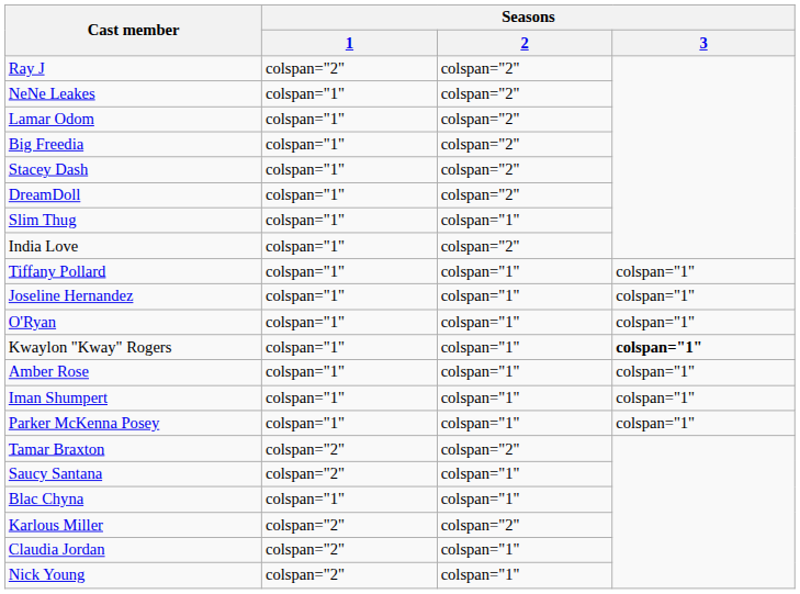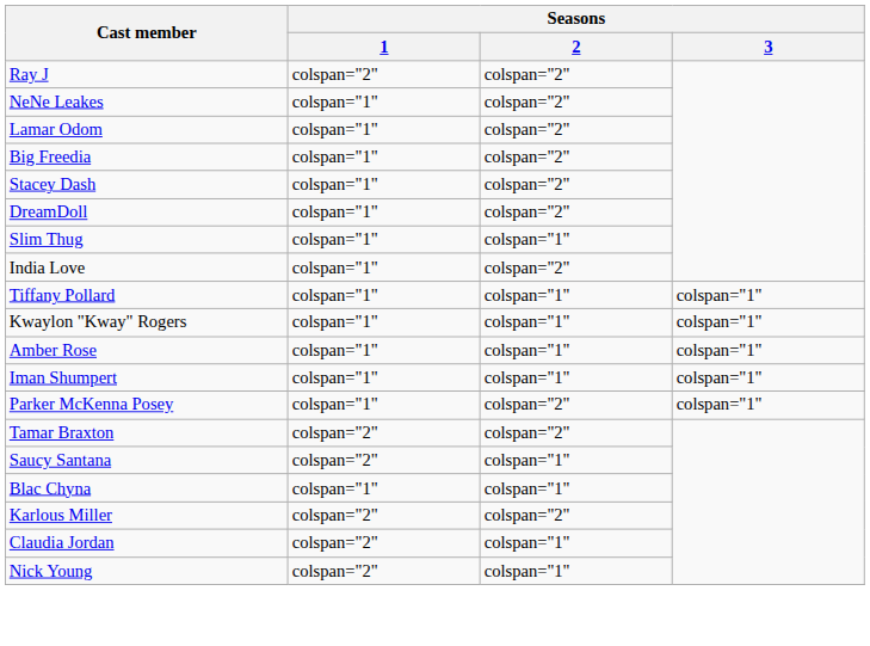 <table class="wikitable plainrowheaders" style="width:50%;">
 <tr>
 <th rowspan="2" style="width:10%;">Cast member</th>
 <th colspan="3">Seasons</th>
 </tr>
 <tr>
 <th style="width:5%;"><a href='#'>1</a></th>
 <th style="width:5%;"><a href='#'>2</a></th>
 <th style="width:5%;"><a href='#'>3</a></th>
 </tr>
 <tr>
 <td><a href='#'>Ray J</a></td>
 <td>colspan="2" </td>
 <td>colspan="2" </td>
 </tr>
 <tr>
 <td><a href='#'>NeNe Leakes</a></td>
 <td>colspan="1" </td>
 <td>colspan="2" </td>
 </tr>
 <tr>
 <td><a href='#'>Lamar Odom</a></td>
 <td>colspan="1" </td>
 <td>colspan="2" </td>
 </tr>
 <tr>
 <td><a href='#'>Big Freedia</a></td>
 <td>colspan="1" </td>
 <td>colspan="2" </td>
 </tr>
 <tr>
 <td><a href='#'>Stacey Dash</a></td>
 <td>colspan="1" </td>
 <td>colspan="2" </td>
 </tr>
 <tr>
 <td><a href='#'>DreamDoll</a></td>
 <td>colspan="1" </td>
 <td>colspan="2" </td>
 </tr>
 <tr>
 <td><a href='#'>Slim Thug</a></td>
 <td>colspan="1" </td>
 <td>colspan="1" </td>
 </tr>
 <tr>
 <td>India Love</td>
 <td>colspan="1" </td>
 <td>colspan="2" </td>
 </tr>
 <tr>
 <td><a href='#'>Tiffany Pollard</a></td>
 <td>colspan="1" </td>
 <td>colspan="1" </td>
 <td>colspan="1" </td>
 </tr>
 <tr>
-<td><a href='#'>Joseline Hernandez</a></td>
+<td>Kwaylon "Kway" Rogers</td>
 <td>colspan="1" </td>
 <td>colspan="1" </td>
 <td>colspan="1" </td>
-</tr>
-<tr>
-<td><a href='#'>O'Ryan</a></td>
-<td>colspan="1" </td>
-<td>colspan="1" </td>
-<td>colspan="1" </td>
-</tr>
-<tr>
-<td>Kwaylon "Kway" Rogers</td>
-<td>colspan="1" </td>
-<td>colspan="1" </td>
-<td><strong>colspan="1" </strong></td>
 </tr>
 <tr>
 <td><a href='#'>Amber Rose</a></td>
 <td>colspan="1" </td>
 <td>colspan="1" </td>
 <td>colspan="1" </td>
 </tr>
 <tr>
 <td><a href='#'>Iman Shumpert</a></td>
 <td>colspan="1" </td>
 <td>colspan="1" </td>
 <td>colspan="1" </td>
 </tr>
 <tr>
 <td><a href='#'>Parker McKenna Posey</a></td>
 <td>colspan="1" </td>
-<td>colspan="1" </td>
+<td>colspan="2" </td>
 <td>colspan="1" </td>
 </tr>
 <tr>
 <td><a href='#'>Tamar Braxton</a></td>
 <td>colspan="2" </td>
 <td>colspan="2" </td>
 </tr>
 <tr>
 <td><a href='#'>Saucy Santana</a></td>
 <td>colspan="2" </td>
 <td>colspan="1" </td>
 </tr>
 <tr>
 <td><a href='#'>Blac Chyna</a></td>
 <td>colspan="1" </td>
 <td>colspan="1" </td>
 </tr>
 <tr>
 <td><a href='#'>Karlous Miller</a></td>
 <td>colspan="2" </td>
 <td>colspan="2" </td>
 </tr>
 <tr>
 <td><a href='#'>Claudia Jordan</a></td>
 <td>colspan="2" </td>
 <td>colspan="1" </td>
 </tr>
 <tr>
 <td><a href='#'>Nick Young</a></td>
 <td>colspan="2" </td>
 <td>colspan="1" </td>
 </tr>
 </table>
